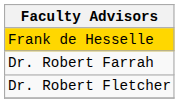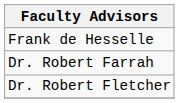 <table class="wikitable" border="1">
 <tr>
 <th>Faculty Advisors</th>
 </tr>
 <tr>
-<td style="background: gold;">Frank de Hesselle</td>
+<td>Frank de Hesselle</td>
 </tr>
 <tr>
 <td>Dr. Robert Farrah</td>
 </tr>
 <tr>
 <td>Dr. Robert Fletcher</td>
 </tr>
 <tr>
 </tr>
 </table>
